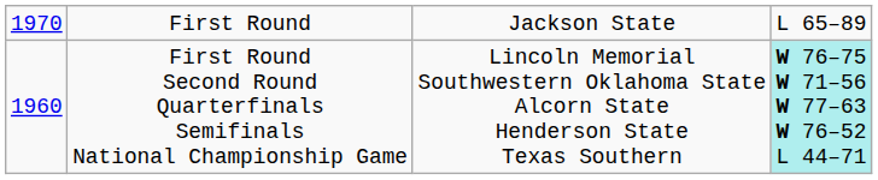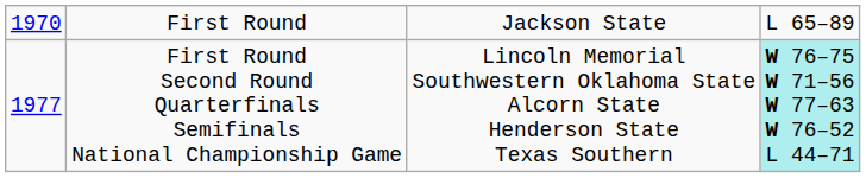 <table class="wikitable">
 <tr align="center">
 <td><a href='#'>1970</a></td>
 <td>First Round</td>
 <td>Jackson State</td>
 <td>L 65–89</td>
 </tr>
 <tr align="center">
-<td><a href='#'>1960</a></td>
+<td><a href='#'>1977</a></td>
 <td>First Round<br>Second Round<br>Quarterfinals<br>Semifinals<br>National Championship Game</td>
 <td>Lincoln Memorial<br>Southwestern Oklahoma State<br>Alcorn State<br>Henderson State<br>Texas Southern</td>
 <td style="background: paleturquoise;"><strong>W</strong> 76–75<br><strong>W</strong> 71–56<br><strong>W</strong> 77–63<br><strong>W</strong> 76–52<br>L 44–71</td>
 </tr>
 </table>
